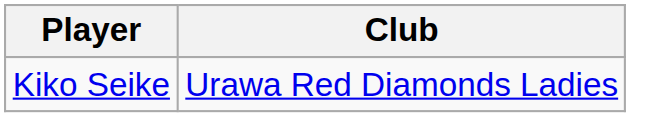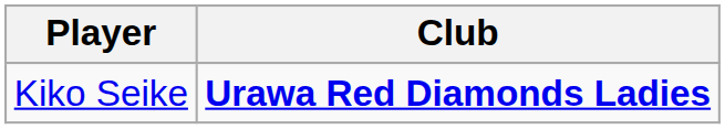 <table class="wikitable">
 <tr>
 <th>Player</th>
 <th>Club</th>
 </tr>
 <tr>
 <td> <a href='#'>Kiko Seike</a></td>
-<td><a href='#'>Urawa Red Diamonds Ladies</a></td>
+<td><strong><a href='#'>Urawa Red Diamonds Ladies</a></strong></td>
 </tr>
 </table>
